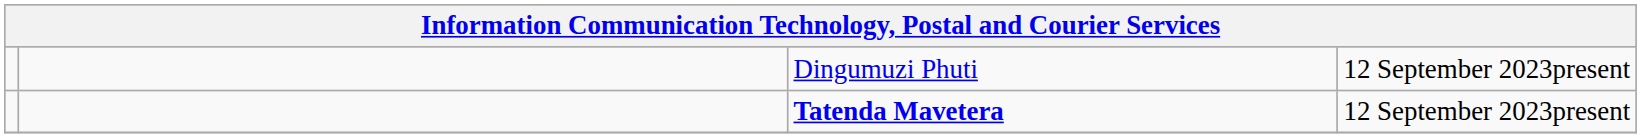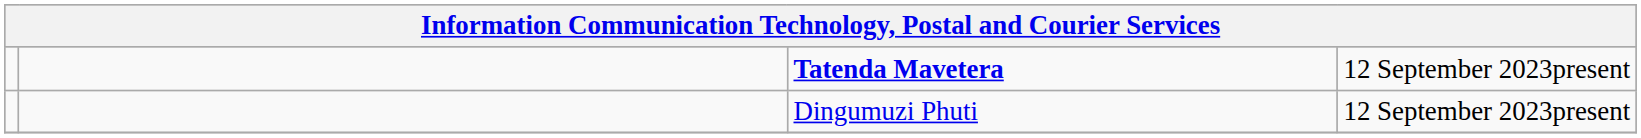 <table class="wikitable">
 <tr>
 <th colspan="4"><a href='#'>Information Communication Technology, Postal and Courier Services</a></th>
+</tr>
+<tr>
+<td style="width: 1px; background: "></td>
+<td style="width: 450px;"></td>
+<td style="width: 320px;"> <strong><a href='#'>Tatenda Mavetera</a></strong></td>
+<td>12 September 2023present</td>
 </tr>
 <tr>
 <td style="width: 1px; background: "></td>
 <td style="width: 450px;"></td>
 <td style="width: 320px;"> <a href='#'>Dingumuzi Phuti</a></td>
 <td>12 September 2023present</td>
 </tr>
 <tr>
-<td style="width: 1px; background: "></td>
-<td style="width: 450px;"></td>
-<td style="width: 320px;"> <strong><a href='#'>Tatenda Mavetera</a></strong></td>
-<td>12 September 2023present</td>
-</tr>
-<tr>
 </tr>
 </table>
